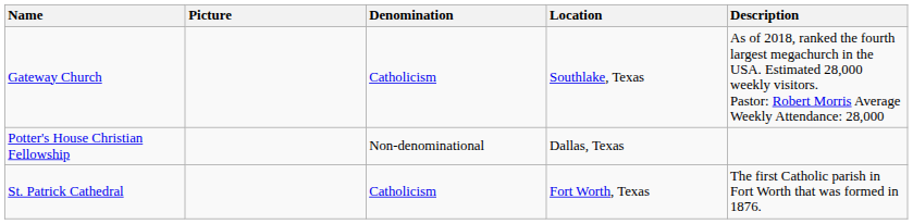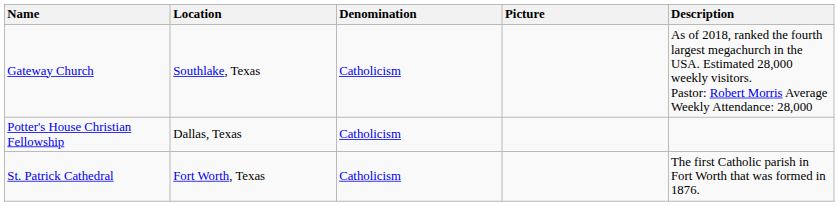 <table class ="wikitable sortable">
 <tr>
 <th style="text-align:left; width:200px;">Name</th>
+<th style="text-align:left; width:200px;">Location</th>
+<th style="text-align:left; width:200px;">Denomination</th>
 <th style="text-align:left; width:200px;">Picture</th>
-<th style="text-align:left; width:200px;">Denomination</th>
-<th style="text-align:left; width:200px;">Location</th>
 <th style="text-align:left; width:200px;">Description</th>
 </tr>
 <tr>
 <td><a href='#'>Gateway Church</a></td>
+<td><a href='#'>Southlake</a>, Texas</td>
+<td><a href='#'>Catholicism</a></td>
 <td></td>
-<td><a href='#'>Catholicism</a></td>
-<td><a href='#'>Southlake</a>, Texas</td>
 <td>As of 2018, ranked the fourth largest megachurch in the USA. Estimated 28,000 weekly visitors.<br>Pastor: <a href='#'>Robert Morris</a> Average Weekly Attendance: 28,000</td>
 </tr>
 <tr>
 <td><a href='#'>Potter's House Christian Fellowship</a></td>
+<td>Dallas, Texas</td>
+<td><a href='#'>Catholicism</a></td>
 <td></td>
-<td>Non-denominational</td>
-<td>Dallas, Texas</td>
 <td></td>
 </tr>
 <tr>
 <td><a href='#'>St. Patrick Cathedral</a></td>
+<td><a href='#'>Fort Worth</a>, Texas</td>
+<td><a href='#'>Catholicism</a></td>
 <td></td>
-<td><a href='#'>Catholicism</a></td>
-<td><a href='#'>Fort Worth</a>, Texas</td>
 <td>The first Catholic parish in Fort Worth that was formed in 1876.</td>
 </tr>
 </table>
